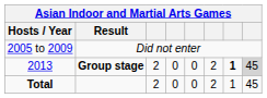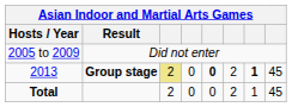 <table class="wikitable" style="text-align: center;">
 <tr>
 <th colspan=9><a href='#'>Asian Indoor and Martial Arts Games</a></th>
 </tr>
 <tr>
 <th>Hosts / Year</th>
 <th>Result</th>
 <th width=20></th>
 <th width=20></th>
 <th width=20></th>
 <th width=20></th>
 <th width=20></th>
 <th width=20></th>
 </tr>
 <tr>
 <td> <a href='#'>2005</a> to  <a href='#'>2009</a></td>
 <td colspan=7><em>Did not enter</em></td>
 </tr>
 <tr>
 <td> <a href='#'>2013</a></td>
 <td><strong>Group stage</strong></td>
-<td>2</td>
+<td style="background: khaki;">2</td>
 <td>0</td>
-<td>0</td>
+<td><strong>0</strong></td>
 <td>2</td>
 <td><strong>1</strong></td>
-<td style="background: lightgrey;">45</td>
+<td>45</td>
 </tr>
 <tr>
 <td><strong>Total</strong></td>
 <td></td>
 <td>2</td>
 <td>0</td>
 <td>0</td>
 <td>2</td>
 <td>1</td>
 <td>45</td>
 </tr>
 </table>
